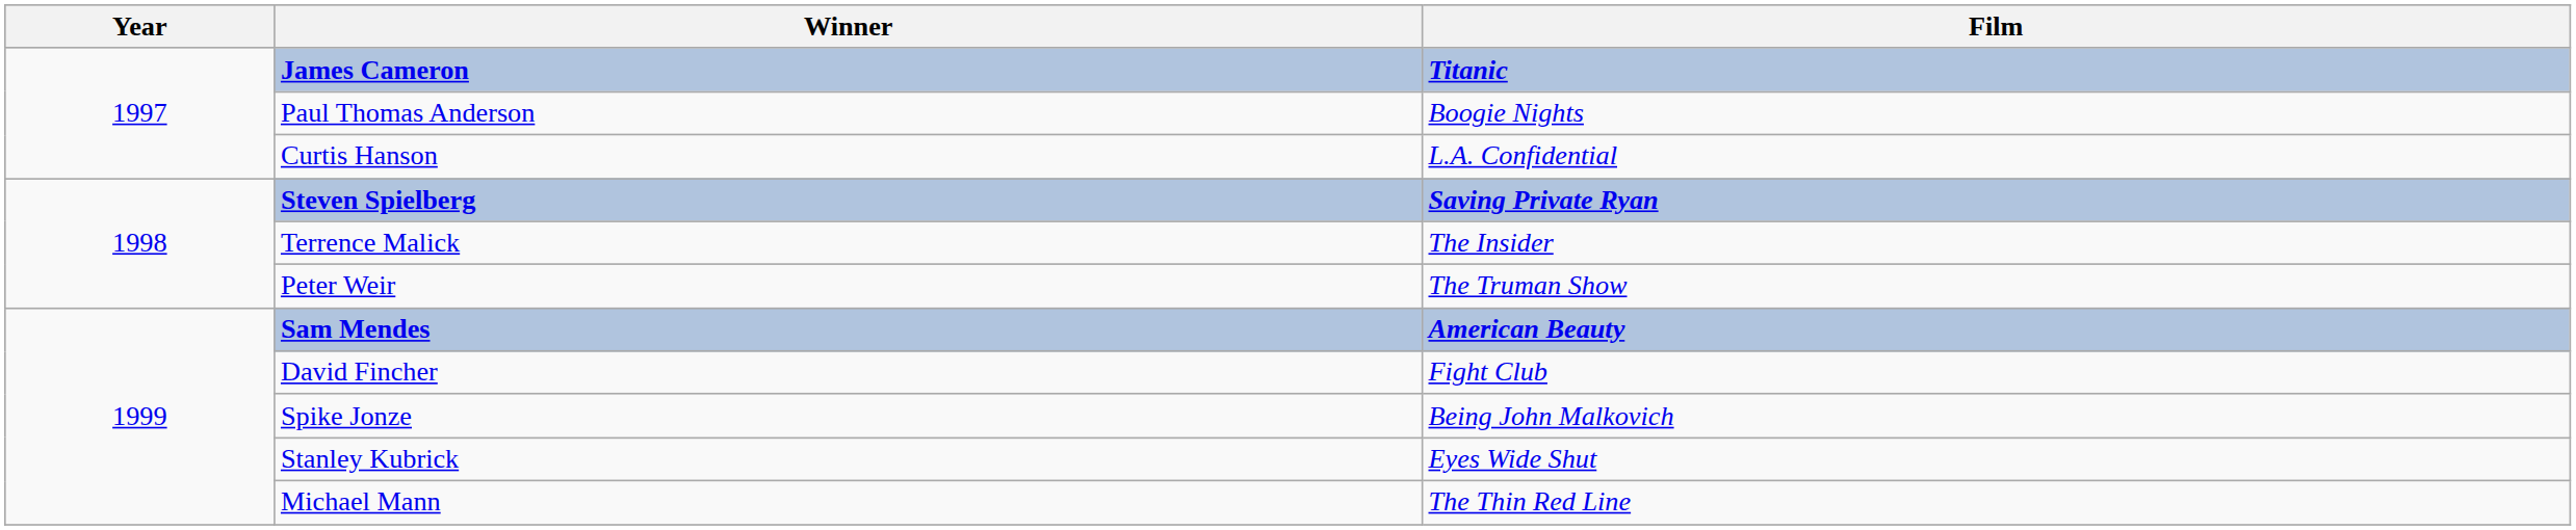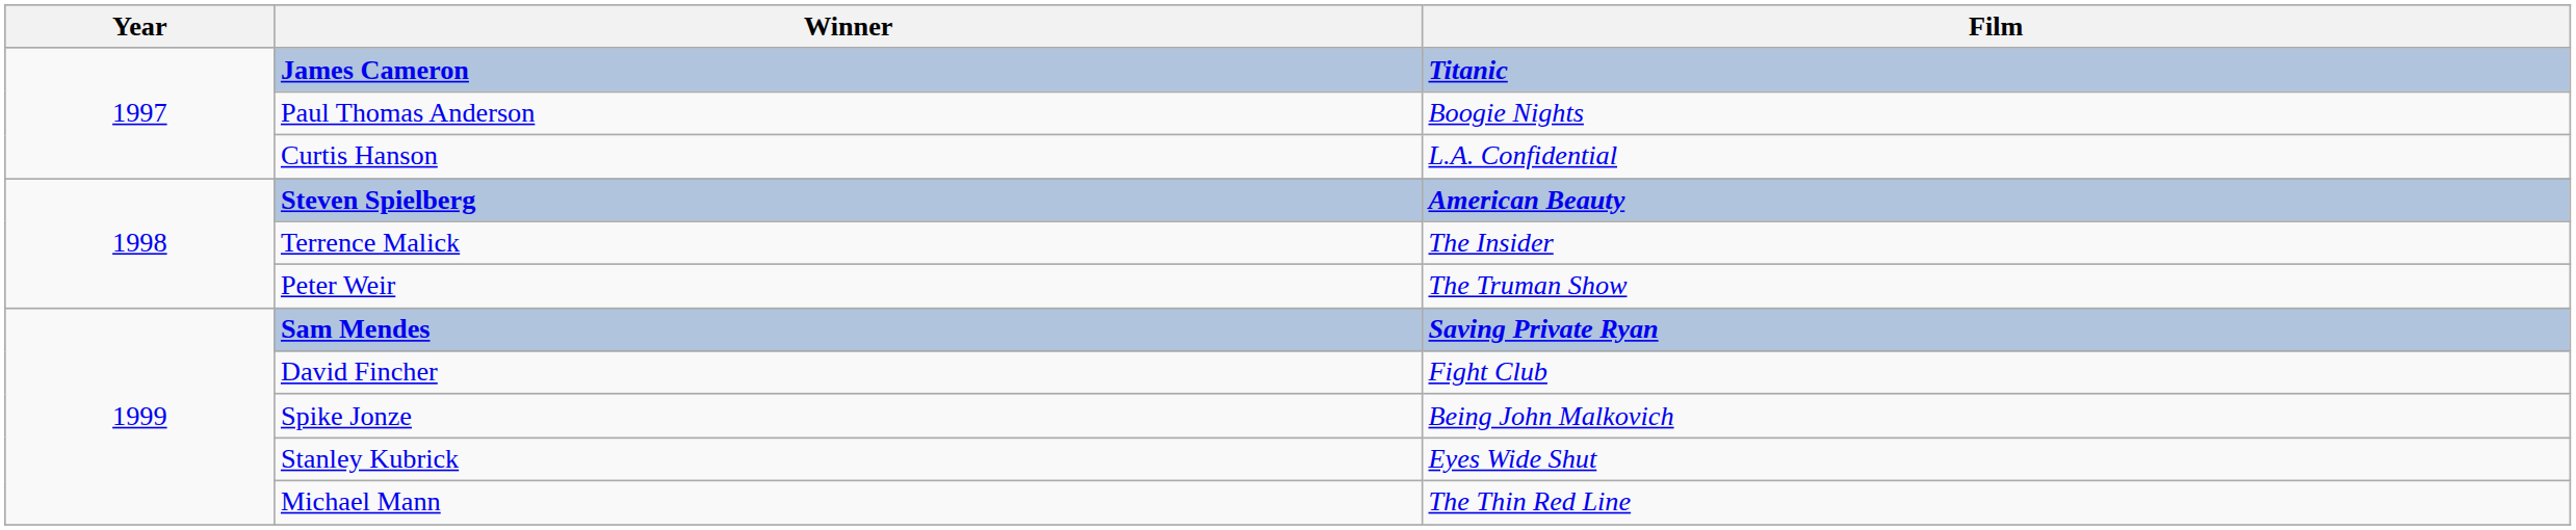 <table class="wikitable" width="95%" cellpadding="5">
 <tr>
 <th width="100"><strong>Year</strong></th>
 <th width="450"><strong>Winner</strong></th>
 <th width="450"><strong>Film</strong></th>
 </tr>
 <tr>
 <td rowspan="3" style="text-align:center;"><a href='#'>1997</a></td>
 <td style="background:#B0C4DE;"><strong><a href='#'>James Cameron</a></strong></td>
 <td style="background:#B0C4DE;"><strong><em><a href='#'>Titanic</a></em></strong></td>
 </tr>
 <tr>
 <td><a href='#'>Paul Thomas Anderson</a></td>
 <td><em><a href='#'>Boogie Nights</a></em></td>
 </tr>
 <tr>
 <td><a href='#'>Curtis Hanson</a></td>
 <td><em><a href='#'>L.A. Confidential</a></em></td>
 </tr>
 <tr>
 <td rowspan="3" style="text-align:center;"><a href='#'>1998</a></td>
 <td style="background:#B0C4DE;"><strong><a href='#'>Steven Spielberg</a></strong></td>
-<td style="background:#B0C4DE;"><strong><em><a href='#'>Saving Private Ryan</a></em></strong></td>
+<td style="background:#B0C4DE;"><strong><em><a href='#'>American Beauty</a></em></strong></td>
 </tr>
 <tr>
 <td><a href='#'>Terrence Malick</a></td>
 <td><em><a href='#'>The Insider</a></em></td>
 </tr>
 <tr>
 <td><a href='#'>Peter Weir</a></td>
 <td><em><a href='#'>The Truman Show</a></em></td>
 </tr>
 <tr>
 <td rowspan="5" style="text-align:center;"><a href='#'>1999</a></td>
 <td style="background:#B0C4DE;"><strong><a href='#'>Sam Mendes</a></strong></td>
-<td style="background:#B0C4DE;"><strong><em><a href='#'>American Beauty</a></em></strong></td>
+<td style="background:#B0C4DE;"><strong><em><a href='#'>Saving Private Ryan</a></em></strong></td>
 </tr>
 <tr>
 <td><a href='#'>David Fincher</a></td>
 <td><em><a href='#'>Fight Club</a></em></td>
 </tr>
 <tr>
 <td><a href='#'>Spike Jonze</a></td>
 <td><em><a href='#'>Being John Malkovich</a></em></td>
 </tr>
 <tr>
 <td><a href='#'>Stanley Kubrick</a></td>
 <td><em><a href='#'>Eyes Wide Shut</a></em></td>
 </tr>
 <tr>
 <td><a href='#'>Michael Mann</a></td>
 <td><em><a href='#'>The Thin Red Line</a></em></td>
 </tr>
 </table>
